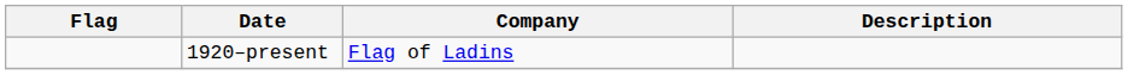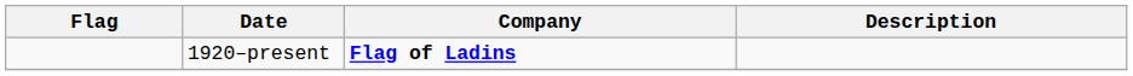 <table class="wikitable">
 <tr>
 <th width="110">Flag</th>
 <th width="100">Date</th>
 <th width="250">Company</th>
 <th width="250">Description</th>
 </tr>
 <tr>
 <td></td>
 <td>1920–present</td>
-<td><a href='#'>Flag</a> of <a href='#'>Ladins</a></td>
+<td><strong><a href='#'>Flag</a> of <a href='#'>Ladins</a></strong></td>
 <td></td>
 </tr>
 <tr>
 </tr>
 </table>
